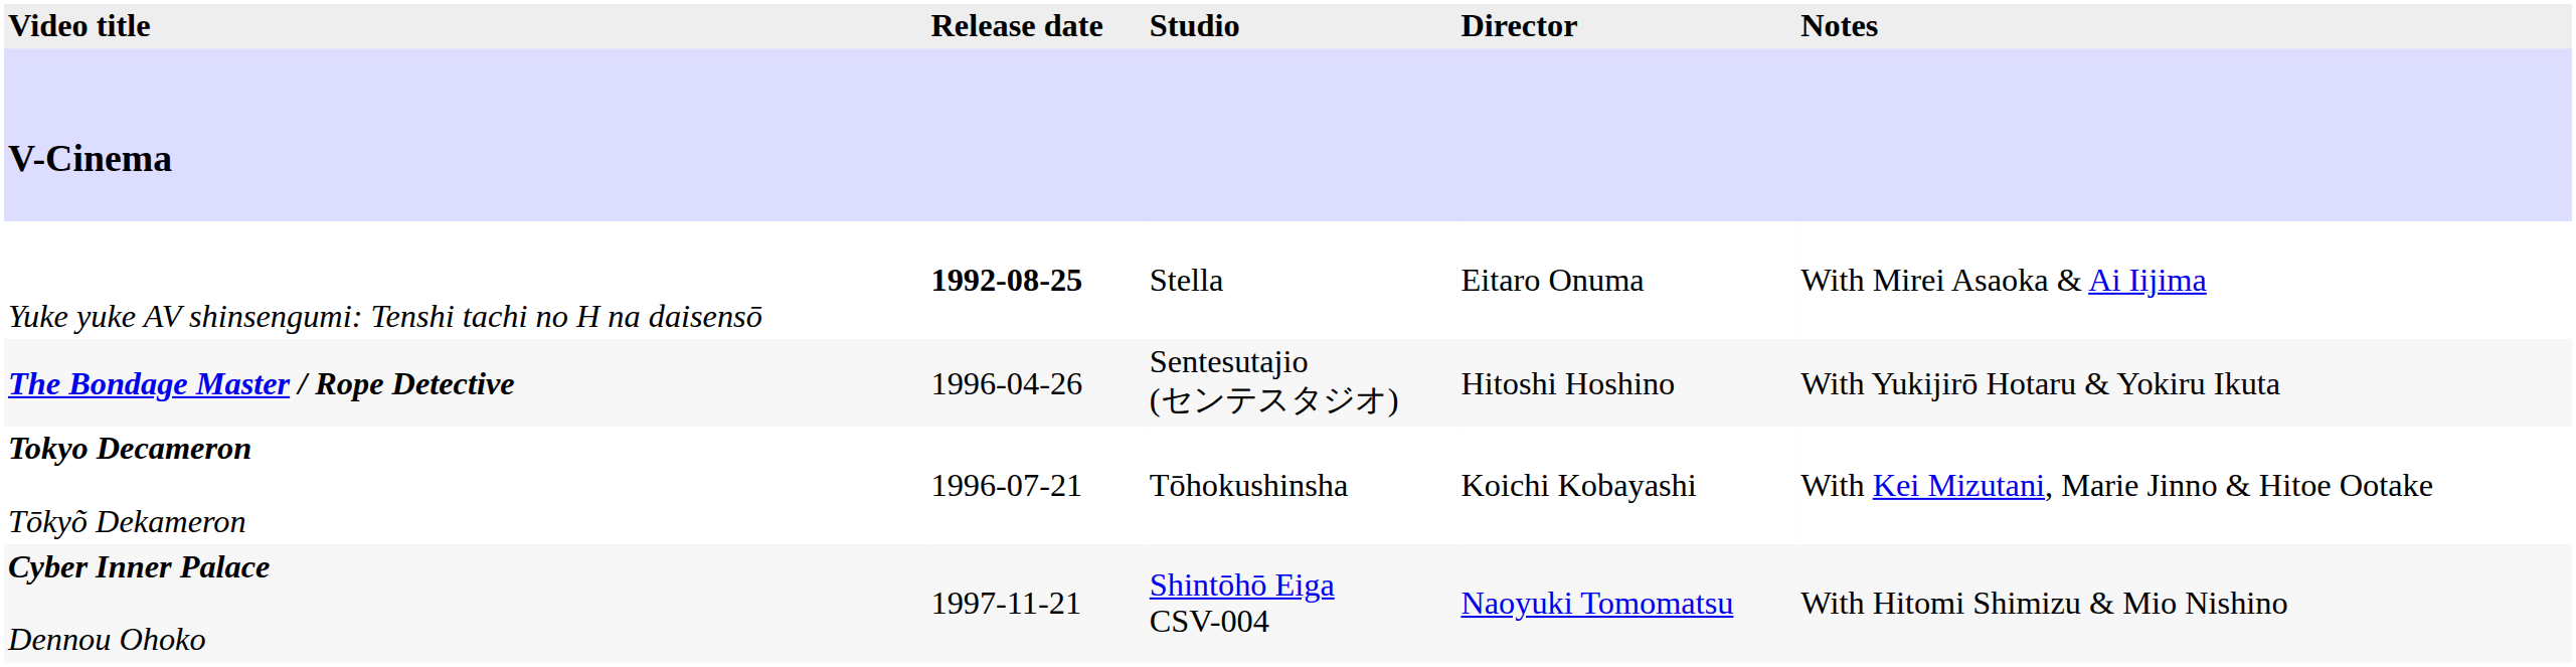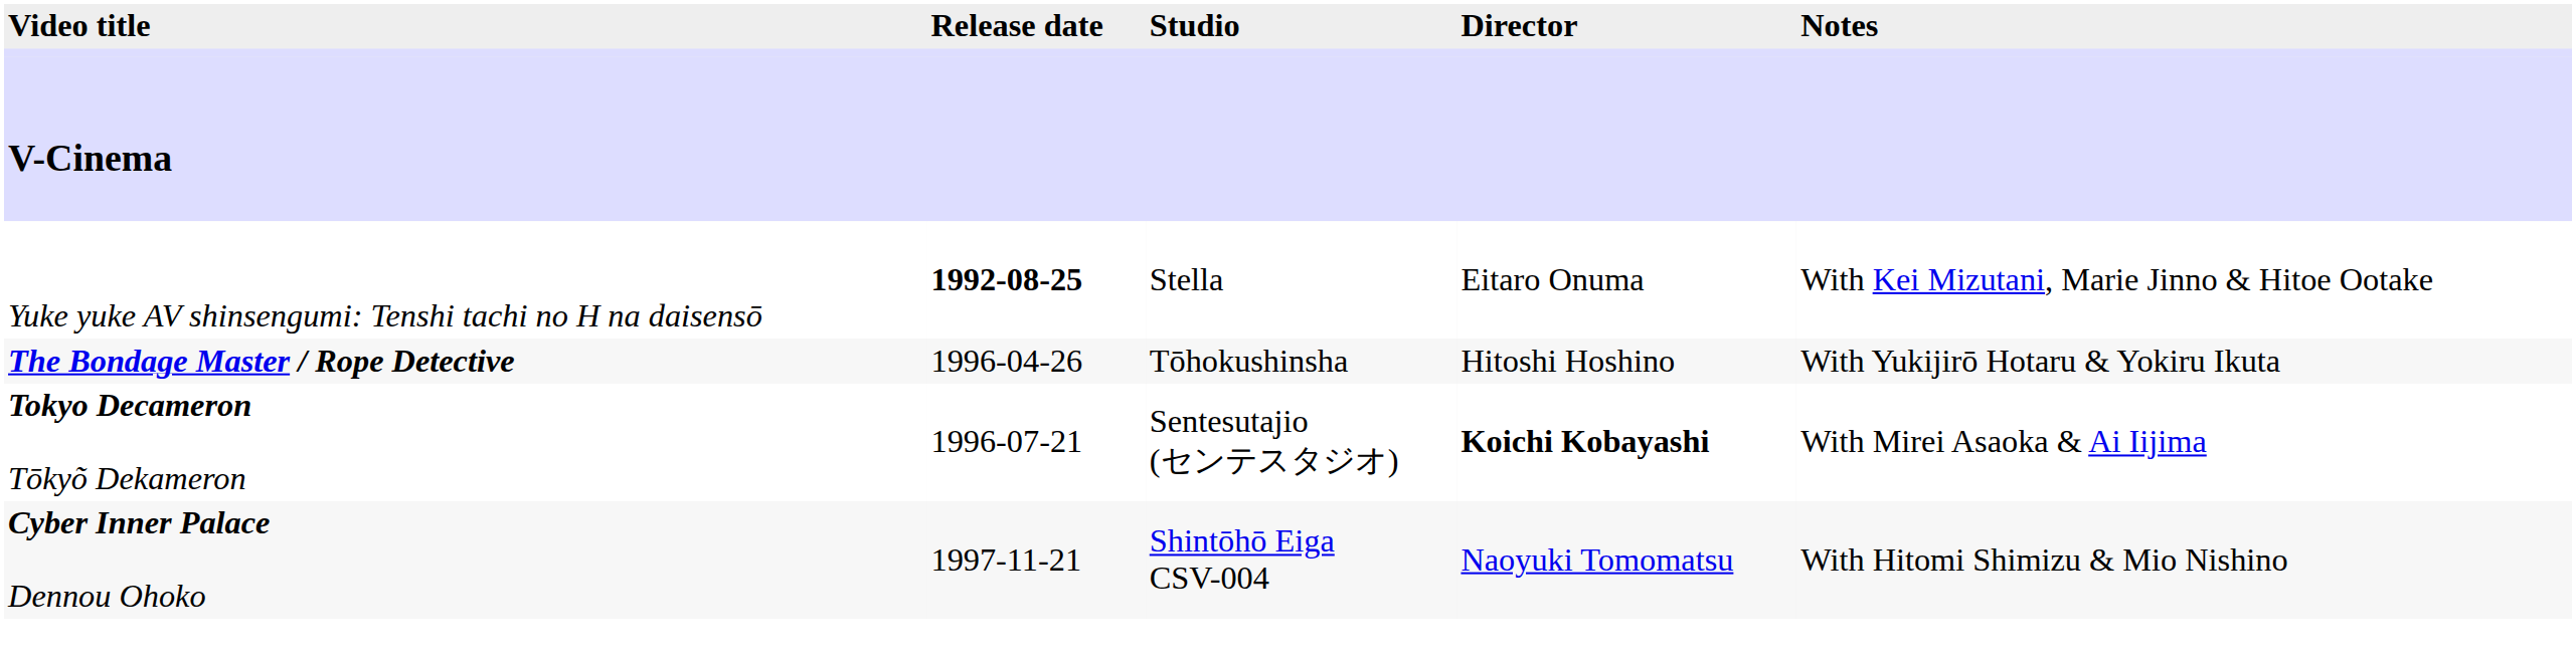 <table cellpadding=2 style="width:100%; text-align:left; border-width:0px; border-collapse:collapse; background:#eee;">
 <tr>
 <th>Video title</th>
 <th>Release date</th>
 <th>Studio</th>
 <th>Director</th>
 <th>Notes</th>
 </tr>
 <tr>
 <td colspan=6 style=background-color:#ddf;></td>
 </tr>
 <tr>
 <td colspan=6 style=background-color:#ddf;><br><h3>V-Cinema</h3></td>
 </tr>
 <tr style=background:#fff;>
 <td><strong><em> </em></strong><br><br><em>Yuke yuke AV shinsengumi: Tenshi tachi no H na daisensō</em></td>
 <td><strong>1992-08-25</strong></td>
 <td>Stella</td>
 <td>Eitaro Onuma</td>
-<td>With Mirei Asaoka & <a href='#'>Ai Iijima</a></td>
+<td>With <a href='#'>Kei Mizutani</a>, Marie Jinno & Hitoe Ootake</td>
 </tr>
 <tr style=background:#f7f7f7;>
 <td><strong><em><a href='#'>The Bondage Master</a> / Rope Detective</em></strong><br></td>
 <td>1996-04-26</td>
-<td>Sentesutajio<br>(センテスタジオ)</td>
+<td>Tōhokushinsha</td>
 <td>Hitoshi Hoshino</td>
 <td>With Yukijirō Hotaru & Yokiru Ikuta</td>
 </tr>
 <tr style=background:#fff;>
 <td><strong><em>Tokyo Decameron</em></strong><br><br><em>Tōkyõ Dekameron</em></td>
 <td>1996-07-21</td>
-<td>Tōhokushinsha</td>
-<td>Koichi Kobayashi</td>
-<td>With <a href='#'>Kei Mizutani</a>, Marie Jinno & Hitoe Ootake</td>
+<td>Sentesutajio<br>(センテスタジオ)</td>
+<td><strong>Koichi Kobayashi</strong></td>
+<td>With Mirei Asaoka & <a href='#'>Ai Iijima</a></td>
 </tr>
 <tr style=background:#f7f7f7;>
 <td><strong><em>Cyber Inner Palace</em></strong><br><br><em>Dennou Ohoko</em></td>
 <td>1997-11-21</td>
 <td><a href='#'>Shintōhō Eiga</a><br>CSV-004</td>
 <td><a href='#'>Naoyuki Tomomatsu</a></td>
 <td>With Hitomi Shimizu & Mio Nishino</td>
 </tr>
 </table>
